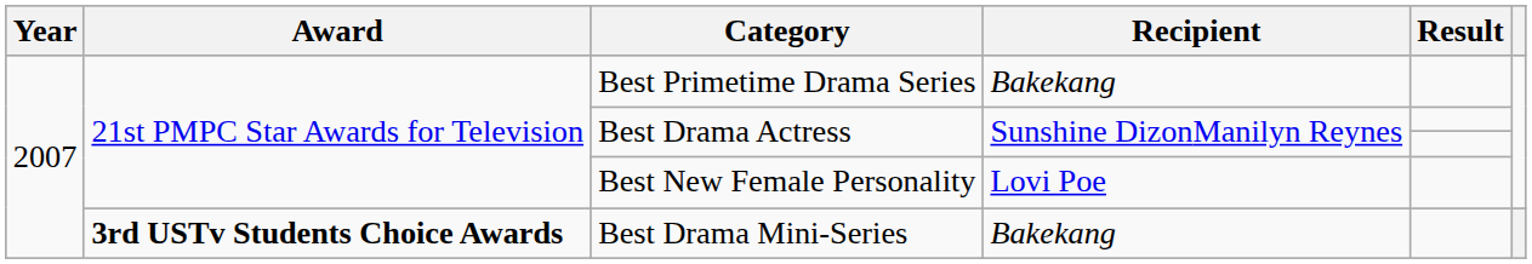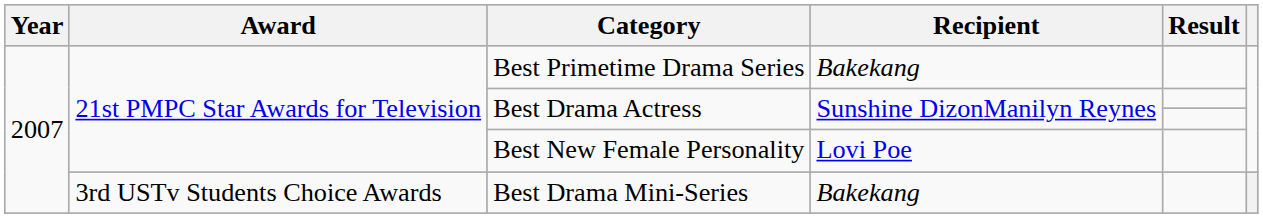 <table class="wikitable">
 <tr>
 <th>Year</th>
 <th>Award</th>
 <th>Category</th>
 <th>Recipient</th>
 <th>Result</th>
 <th></th>
 </tr>
 <tr>
 <td rowspan=5>2007</td>
 <td rowspan=4><a href='#'>21st PMPC Star Awards for Television</a></td>
 <td>Best Primetime Drama Series</td>
 <td><em>Bakekang</em></td>
 <td></td>
 <td rowspan=4></td>
 </tr>
 <tr>
 <td rowspan=2>Best Drama Actress</td>
 <td rowspan=2><a href='#'>Sunshine Dizon</a><a href='#'>Manilyn Reynes</a></td>
 <td></td>
 </tr>
 <tr>
 <td></td>
 </tr>
 <tr>
 <td>Best New Female Personality</td>
 <td><a href='#'>Lovi Poe</a></td>
 <td></td>
 </tr>
 <tr>
-<td><strong>3rd USTv Students Choice Awards</strong></td>
+<td>3rd USTv Students Choice Awards</td>
 <td>Best Drama Mini-Series</td>
 <td><em>Bakekang</em></td>
 <td></td>
 <th></th>
 </tr>
 </table>
